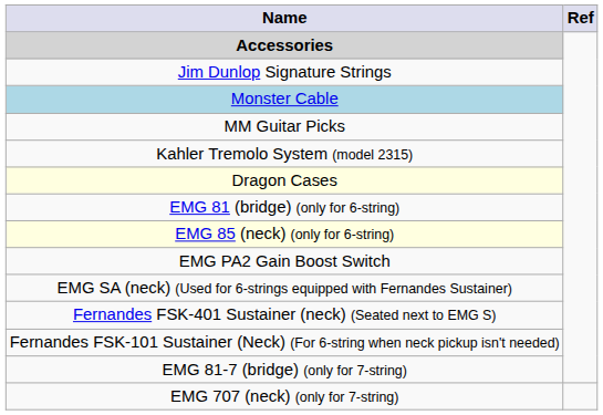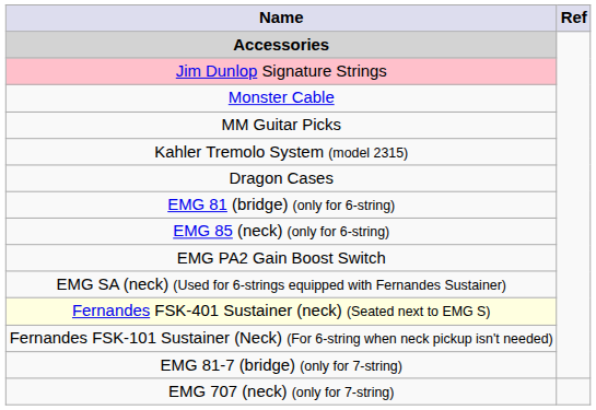 <table class="wikitable" style="font-size:96%; text-align:center; margin: 6px;">
 <tr>
 <th style="background:#dde;">Name</th>
 <th style="background:#dde;">Ref</th>
 </tr>
 <tr>
 <td style="background:LightGrey;"><strong>Accessories</strong></td>
 <td rowspan="13"><br></td>
 </tr>
 <tr>
-<td><a href='#'>Jim Dunlop</a> Signature Strings</td>
+<td style="background: pink;"><a href='#'>Jim Dunlop</a> Signature Strings</td>
 </tr>
 <tr>
-<td style="background: lightblue;"><a href='#'>Monster Cable</a></td>
+<td><a href='#'>Monster Cable</a></td>
 </tr>
 <tr>
 <td>MM Guitar Picks</td>
 </tr>
 <tr>
 <td>Kahler Tremolo System <small>(model 2315)</small></td>
 </tr>
 <tr>
-<td style="background: lightyellow;">Dragon Cases</td>
+<td>Dragon Cases</td>
 </tr>
 <tr>
 <td><a href='#'>EMG 81</a> (bridge) <small>(only for 6-string)</small></td>
 </tr>
 <tr>
-<td style="background: lightyellow;"><a href='#'>EMG 85</a> (neck) <small>(only for 6-string)</small></td>
+<td><a href='#'>EMG 85</a> (neck) <small>(only for 6-string)</small></td>
 </tr>
 <tr>
 <td>EMG PA2 Gain Boost Switch</td>
 </tr>
 <tr>
 <td>EMG SA (neck) <small>(Used for 6-strings equipped with Fernandes Sustainer)</small></td>
 </tr>
 <tr>
-<td><a href='#'>Fernandes</a> FSK-401 Sustainer (neck) <small>(Seated next to EMG S)</small></td>
+<td style="background: lightyellow;"><a href='#'>Fernandes</a> FSK-401 Sustainer (neck) <small>(Seated next to EMG S)</small></td>
 </tr>
 <tr>
 <td>Fernandes FSK-101 Sustainer (Neck) <small> (For 6-string when neck pickup isn't needed)</small></td>
 </tr>
 <tr>
 <td>EMG 81-7 (bridge) <small>(only for 7-string)</small></td>
 </tr>
 <tr>
 <td>EMG 707 (neck) <small>(only for 7-string)</small></td>
 </tr>
 </table>
